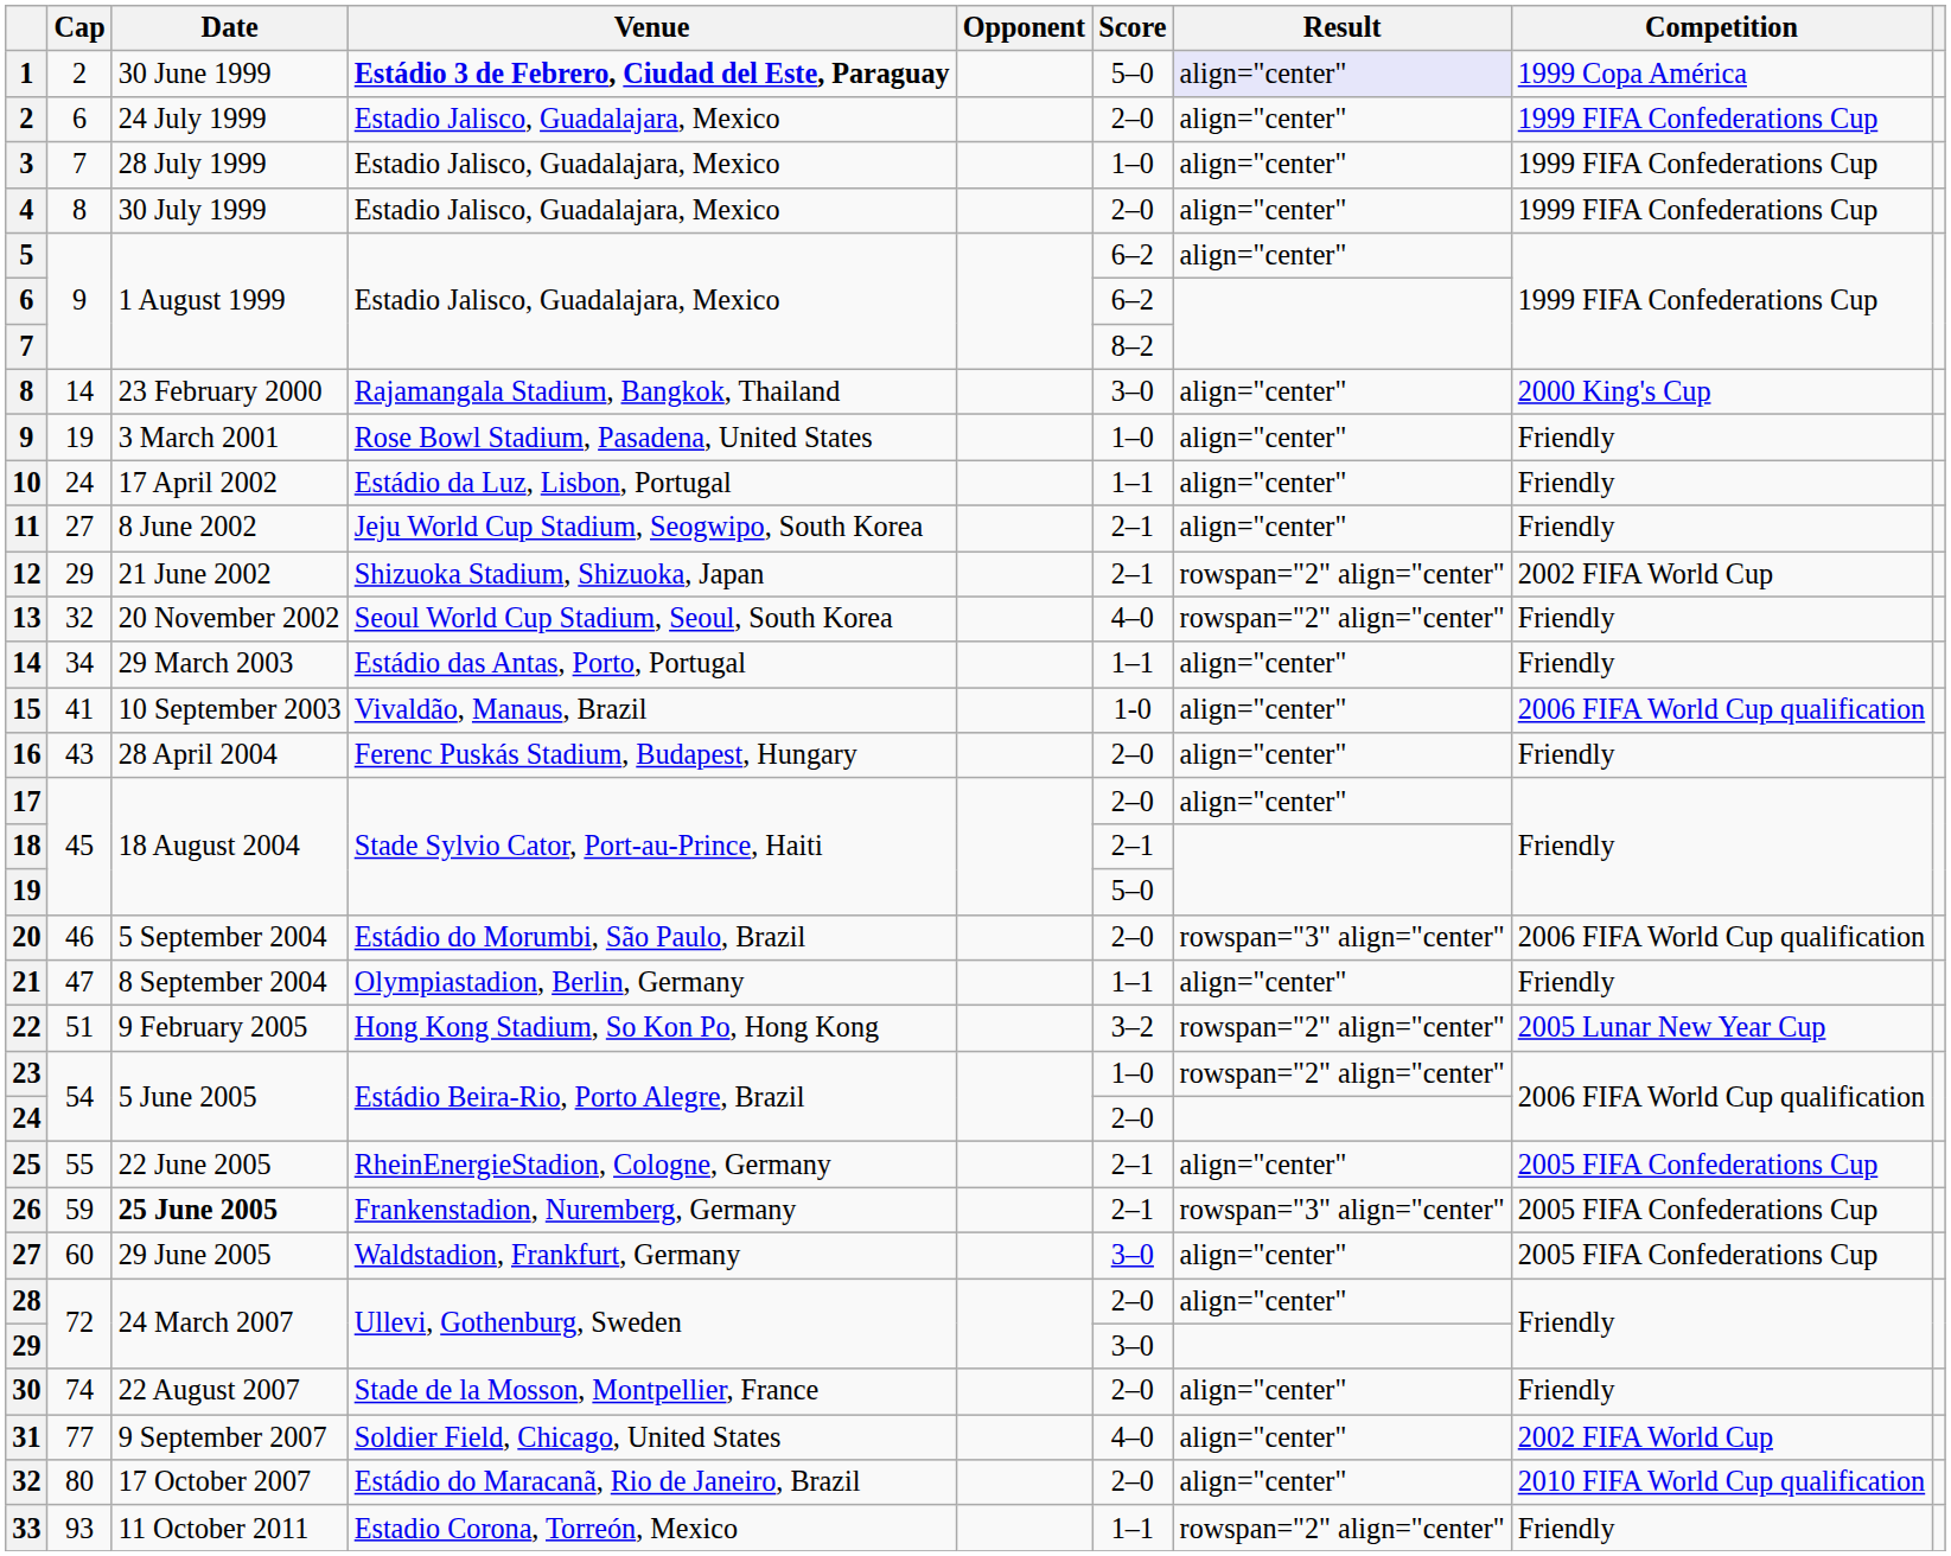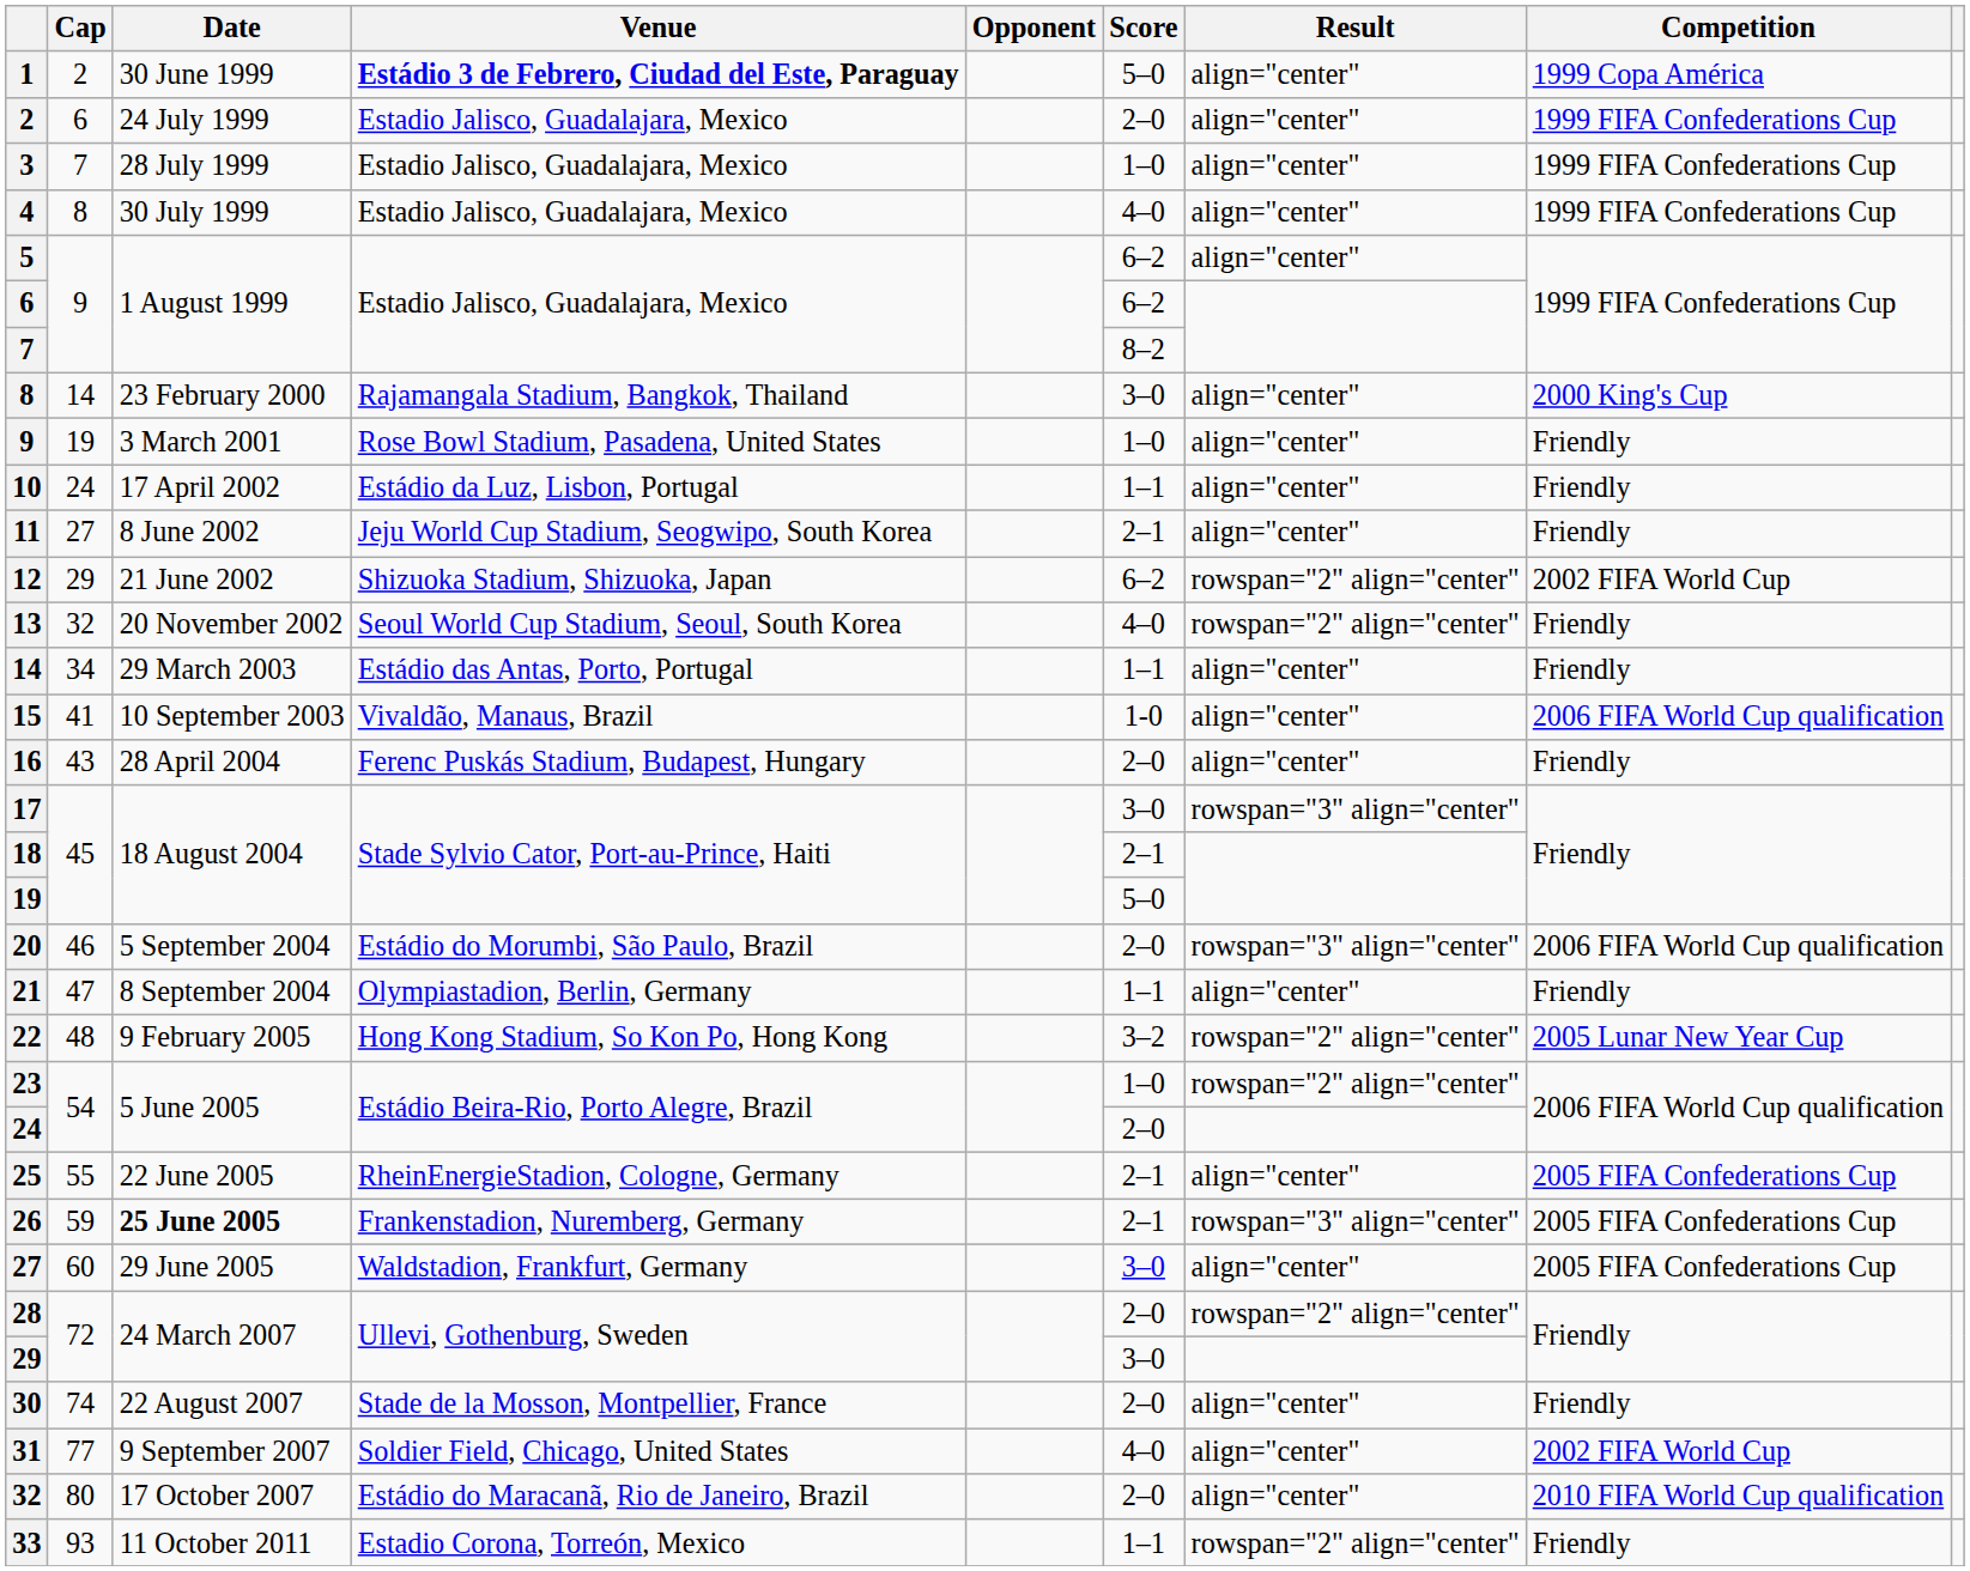 <table class="wikitable sortable collapsible" style="text-align: left">
 <tr>
 <th scope="col"></th>
 <th scope="col">Cap</th>
 <th scope="col">Date</th>
 <th scope="col">Venue</th>
 <th scope="col">Opponent</th>
 <th scope="col">Score</th>
 <th scope="col">Result</th>
 <th scope="col">Competition</th>
 <th scope="col" class="unsortable"></th>
 </tr>
 <tr>
 <th scope="row">1</th>
 <td align="center">2</td>
 <td>30 June 1999</td>
 <td><strong><a href='#'>Estádio 3 de Febrero</a>, <a href='#'>Ciudad del Este</a>, Paraguay</strong></td>
 <td></td>
 <td align="center">5–0</td>
-<td style="background: lavender;">align="center" </td>
+<td>align="center" </td>
 <td><a href='#'>1999 Copa América</a></td>
 <td></td>
 </tr>
 <tr>
 <th scope="row">2</th>
 <td align="center">6</td>
 <td>24 July 1999</td>
 <td><a href='#'>Estadio Jalisco</a>, <a href='#'>Guadalajara</a>, Mexico</td>
 <td></td>
 <td align="center">2–0</td>
 <td>align="center" </td>
 <td><a href='#'>1999 FIFA Confederations Cup</a></td>
 <td></td>
 </tr>
 <tr>
 <th scope="row">3</th>
 <td align="center">7</td>
 <td>28 July 1999</td>
 <td>Estadio Jalisco, Guadalajara, Mexico</td>
 <td></td>
 <td align="center">1–0</td>
 <td>align="center" </td>
 <td>1999 FIFA Confederations Cup</td>
 <td></td>
 </tr>
 <tr>
 <th scope="row">4</th>
 <td align="center">8</td>
 <td>30 July 1999</td>
 <td>Estadio Jalisco, Guadalajara, Mexico</td>
 <td></td>
-<td align="center">2–0</td>
+<td align="center">4–0</td>
 <td>align="center" </td>
 <td>1999 FIFA Confederations Cup</td>
 <td></td>
 </tr>
 <tr>
 <th scope="row">5</th>
 <td rowspan="3" align="center">9</td>
 <td rowspan="3">1 August 1999</td>
 <td rowspan="3">Estadio Jalisco, Guadalajara, Mexico</td>
 <td rowspan="3"></td>
 <td align="center">6–2</td>
 <td>align="center" </td>
 <td rowspan="3">1999 FIFA Confederations Cup</td>
 <td rowspan="3"></td>
 </tr>
 <tr>
 <th scope="row">6</th>
 <td align="center">6–2</td>
 </tr>
 <tr>
 <th scope="row">7</th>
 <td align="center">8–2</td>
 </tr>
 <tr>
 <th scope="row">8</th>
 <td align="center">14</td>
 <td>23 February 2000</td>
 <td><a href='#'>Rajamangala Stadium</a>, <a href='#'>Bangkok</a>, Thailand</td>
 <td></td>
 <td align="center">3–0</td>
 <td>align="center" </td>
 <td><a href='#'>2000 King's Cup</a></td>
 <td></td>
 </tr>
 <tr>
 <th scope="row">9</th>
 <td align="center">19</td>
 <td>3 March 2001</td>
 <td><a href='#'>Rose Bowl Stadium</a>, <a href='#'>Pasadena</a>, United States</td>
 <td></td>
 <td align="center">1–0</td>
 <td>align="center" </td>
 <td>Friendly</td>
 <td></td>
 </tr>
 <tr>
 <th scope="row">10</th>
 <td align="center">24</td>
 <td>17 April 2002</td>
 <td><a href='#'>Estádio da Luz</a>, <a href='#'>Lisbon</a>, Portugal</td>
 <td></td>
 <td align="center">1–1</td>
 <td>align="center" </td>
 <td>Friendly</td>
 <td></td>
 </tr>
 <tr>
 <th scope="row">11</th>
 <td align="center">27</td>
 <td>8 June 2002</td>
 <td><a href='#'>Jeju World Cup Stadium</a>, <a href='#'>Seogwipo</a>, South Korea</td>
 <td></td>
 <td align="center">2–1</td>
 <td>align="center" </td>
 <td>Friendly</td>
 <td></td>
 </tr>
 <tr>
 <th scope="row">12</th>
 <td align="center">29</td>
 <td>21 June 2002</td>
 <td><a href='#'>Shizuoka Stadium</a>, <a href='#'>Shizuoka</a>, Japan</td>
 <td></td>
-<td align="center">2–1</td>
+<td align="center">6–2</td>
 <td>rowspan="2" align="center" </td>
 <td>2002 FIFA World Cup</td>
 <td></td>
 </tr>
 <tr>
 <th scope="row">13</th>
 <td align="center">32</td>
 <td>20 November 2002</td>
 <td><a href='#'>Seoul World Cup Stadium</a>, <a href='#'>Seoul</a>, South Korea</td>
 <td></td>
 <td align="center">4–0</td>
 <td>rowspan="2" align="center" </td>
 <td>Friendly</td>
 <td></td>
 </tr>
 <tr>
 <th scope="row">14</th>
 <td align="center">34</td>
 <td>29 March 2003</td>
 <td><a href='#'>Estádio das Antas</a>, <a href='#'>Porto</a>, Portugal</td>
 <td></td>
 <td align="center">1–1</td>
 <td>align="center" </td>
 <td>Friendly</td>
 <td></td>
 </tr>
 <tr>
 <th scope="row">15</th>
 <td align="center">41</td>
 <td>10 September 2003</td>
 <td><a href='#'>Vivaldão</a>, <a href='#'>Manaus</a>, Brazil</td>
 <td></td>
 <td align="center">1-0</td>
 <td>align="center" </td>
 <td><a href='#'>2006 FIFA World Cup qualification</a></td>
 <td></td>
 </tr>
 <tr>
 <th scope="row">16</th>
 <td align="center">43</td>
 <td>28 April 2004</td>
 <td><a href='#'>Ferenc Puskás Stadium</a>, <a href='#'>Budapest</a>, Hungary</td>
 <td></td>
 <td align="center">2–0</td>
 <td>align="center" </td>
 <td>Friendly</td>
 <td></td>
 </tr>
 <tr>
 <th scope="row">17</th>
 <td rowspan="3" align="center">45</td>
 <td rowspan="3">18 August 2004</td>
 <td rowspan="3"><a href='#'>Stade Sylvio Cator</a>, <a href='#'>Port-au-Prince</a>, Haiti</td>
 <td rowspan="3"></td>
-<td align="center">2–0</td>
-<td>align="center" </td>
+<td align="center">3–0</td>
+<td>rowspan="3" align="center" </td>
 <td rowspan="3">Friendly</td>
 <td rowspan="3"></td>
 </tr>
 <tr>
 <th scope="row">18</th>
 <td align="center">2–1</td>
 </tr>
 <tr>
 <th scope="row">19</th>
 <td align="center">5–0</td>
 </tr>
 <tr>
 <th scope="row">20</th>
 <td align="center">46</td>
 <td>5 September 2004</td>
 <td><a href='#'>Estádio do Morumbi</a>, <a href='#'>São Paulo</a>, Brazil</td>
 <td></td>
 <td align="center">2–0</td>
 <td>rowspan="3" align="center" </td>
 <td>2006 FIFA World Cup qualification</td>
 <td></td>
 </tr>
 <tr>
 <th scope="row">21</th>
 <td align="center">47</td>
 <td>8 September 2004</td>
 <td><a href='#'>Olympiastadion</a>, <a href='#'>Berlin</a>, Germany</td>
 <td></td>
 <td align="center">1–1</td>
 <td>align="center" </td>
 <td>Friendly</td>
 <td></td>
 </tr>
 <tr>
 <th scope="row">22</th>
-<td align="center">51</td>
+<td align="center">48</td>
 <td>9 February 2005</td>
 <td><a href='#'>Hong Kong Stadium</a>, <a href='#'>So Kon Po</a>, Hong Kong</td>
 <td></td>
 <td align="center">3–2</td>
 <td>rowspan="2" align="center" </td>
 <td><a href='#'>2005 Lunar New Year Cup</a></td>
 <td></td>
 </tr>
 <tr>
 <th scope="row">23</th>
 <td rowspan="2" align="center">54</td>
 <td rowspan="2">5 June 2005</td>
 <td rowspan="2"><a href='#'>Estádio Beira-Rio</a>, <a href='#'>Porto Alegre</a>, Brazil</td>
 <td rowspan="2"></td>
 <td align="center">1–0</td>
 <td>rowspan="2" align="center" </td>
 <td rowspan="2">2006 FIFA World Cup qualification</td>
 <td rowspan="2"></td>
 </tr>
 <tr>
 <th scope="row">24</th>
 <td align="center">2–0</td>
 </tr>
 <tr>
 <th scope="row">25</th>
 <td align="center">55</td>
 <td>22 June 2005</td>
 <td><a href='#'>RheinEnergieStadion</a>, <a href='#'>Cologne</a>, Germany</td>
 <td></td>
 <td align="center">2–1</td>
 <td>align="center" </td>
 <td><a href='#'>2005 FIFA Confederations Cup</a></td>
 <td></td>
 </tr>
 <tr>
 <th scope="row">26</th>
 <td align="center">59</td>
 <td><strong>25 June 2005</strong></td>
 <td><a href='#'>Frankenstadion</a>, <a href='#'>Nuremberg</a>, Germany</td>
 <td></td>
 <td align="center">2–1</td>
 <td>rowspan="3" align="center" </td>
 <td>2005 FIFA Confederations Cup</td>
 <td></td>
 </tr>
 <tr>
 <th scope="row">27</th>
 <td align="center">60</td>
 <td>29 June 2005</td>
 <td><a href='#'>Waldstadion</a>, <a href='#'>Frankfurt</a>, Germany</td>
 <td></td>
 <td align="center"><a href='#'>3–0</a></td>
 <td>align="center" </td>
 <td>2005 FIFA Confederations Cup</td>
 <td></td>
 </tr>
 <tr>
 <th scope="row">28</th>
 <td rowspan="2" align="center">72</td>
 <td rowspan="2">24 March 2007</td>
 <td rowspan="2"><a href='#'>Ullevi</a>, <a href='#'>Gothenburg</a>, Sweden</td>
 <td rowspan="2"></td>
 <td align="center">2–0</td>
-<td>align="center" </td>
+<td>rowspan="2" align="center" </td>
 <td rowspan="2">Friendly</td>
 <td rowspan="2"></td>
 </tr>
 <tr>
 <th scope="row">29</th>
 <td align="center">3–0</td>
 </tr>
 <tr>
 <th scope="row">30</th>
 <td align="center">74</td>
 <td>22 August 2007</td>
 <td><a href='#'>Stade de la Mosson</a>, <a href='#'>Montpellier</a>, France</td>
 <td></td>
 <td align="center">2–0</td>
 <td>align="center" </td>
 <td>Friendly</td>
 <td></td>
 </tr>
 <tr>
 <th scope="row">31</th>
 <td align="center">77</td>
 <td>9 September 2007</td>
 <td><a href='#'>Soldier Field</a>, <a href='#'>Chicago</a>, United States</td>
 <td></td>
 <td align="center">4–0</td>
 <td>align="center" </td>
 <td><a href='#'>2002 FIFA World Cup</a></td>
 <td></td>
 </tr>
 <tr>
 <th scope="row">32</th>
 <td align="center">80</td>
 <td>17 October 2007</td>
 <td><a href='#'>Estádio do Maracanã</a>, <a href='#'>Rio de Janeiro</a>, Brazil</td>
 <td></td>
 <td align="center">2–0</td>
 <td>align="center" </td>
 <td><a href='#'>2010 FIFA World Cup qualification</a></td>
 <td></td>
 </tr>
 <tr>
 <th scope="row">33</th>
 <td align="center">93</td>
 <td>11 October 2011</td>
 <td><a href='#'>Estadio Corona</a>, <a href='#'>Torreón</a>, Mexico</td>
 <td></td>
 <td align="center">1–1</td>
 <td>rowspan="2" align="center" </td>
 <td>Friendly</td>
 <td></td>
 </tr>
 </table>
